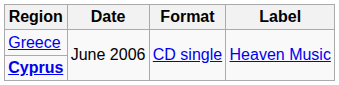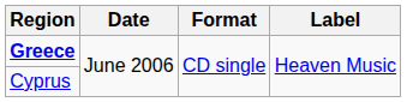 <table class="sortable wikitable">
 <tr>
 <th>Region</th>
 <th>Date</th>
 <th>Format</th>
 <th>Label</th>
 </tr>
 <tr>
-<td><a href='#'>Greece</a></td>
+<td><strong><a href='#'>Greece</a></strong></td>
 <td rowspan="2">June 2006</td>
 <td rowspan="2"><a href='#'>CD single</a></td>
 <td rowspan="2"><a href='#'>Heaven Music</a></td>
 </tr>
 <tr>
-<td><strong><a href='#'>Cyprus</a></strong></td>
+<td><a href='#'>Cyprus</a></td>
 </tr>
 </table>
